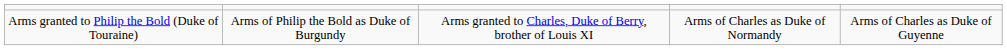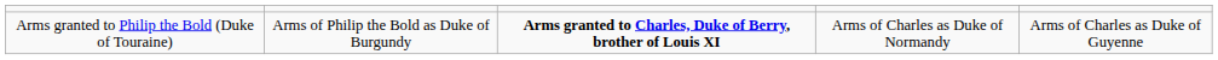 <table class="wikitable" style="margin:1em auto; text-align:center;">
 <tr>
 <td></td>
 <td></td>
 <td></td>
 <td></td>
 <td></td>
 </tr>
 <tr>
 <td>Arms granted to <a href='#'>Philip the Bold</a> (Duke of Touraine)</td>
 <td>Arms of Philip the Bold as Duke of Burgundy</td>
-<td>Arms granted to <a href='#'>Charles, Duke of Berry</a>, brother of Louis XI</td>
+<td><strong>Arms granted to <a href='#'>Charles, Duke of Berry</a>, brother of Louis XI</strong></td>
 <td>Arms of Charles as Duke of Normandy</td>
 <td>Arms of Charles as Duke of Guyenne</td>
 </tr>
 </table>
